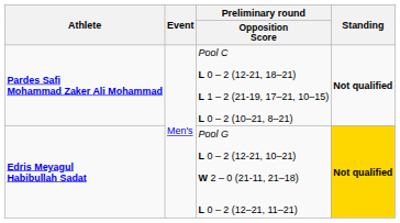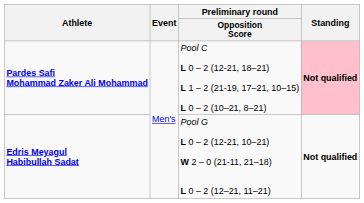 <table class=wikitable style="font-size:90%">
 <tr>
 <th rowspan="2">Athlete</th>
 <th rowspan="2">Event</th>
 <th>Preliminary round</th>
 <th rowspan="2">Standing</th>
 </tr>
 <tr style="font-size:95%">
 <th>Opposition<br>Score</th>
 </tr>
 <tr align=center>
 <td align=left><strong><a href='#'>Pardes Safi</a><br><a href='#'>Mohammad Zaker Ali Mohammad</a></strong></td>
 <td align=left rowspan=2><a href='#'>Men's</a></td>
 <td align=left><em>Pool C</em><br><br><strong>L</strong> 0 – 2 (12-21, 18–21)<br><br><strong>L</strong> 1 – 2 (21-19, 17–21, 10–15)<br><br><strong>L</strong> 0 – 2 (10–21, 8–21)</td>
-<td><strong>Not qualified</strong></td>
+<td style="background: pink;"><strong>Not qualified</strong></td>
 </tr>
 <tr align=center>
 <td align=left><strong><a href='#'>Edris Meyagul</a><br><a href='#'>Habibullah Sadat</a></strong></td>
 <td align=left><em>Pool G</em><br><br><strong>L</strong> 0 – 2 (12-21, 10–21)<br><br><strong>W</strong> 2 – 0 (21-11, 21–18)<br><br><br><strong>L</strong> 0 – 2 (12–21, 11–21)</td>
-<td style="background: gold;"><strong>Not qualified</strong></td>
+<td><strong>Not qualified</strong></td>
 </tr>
 </table>
